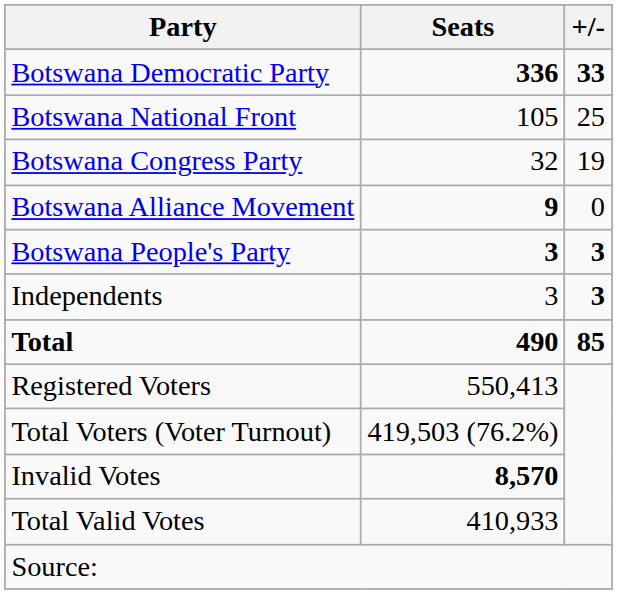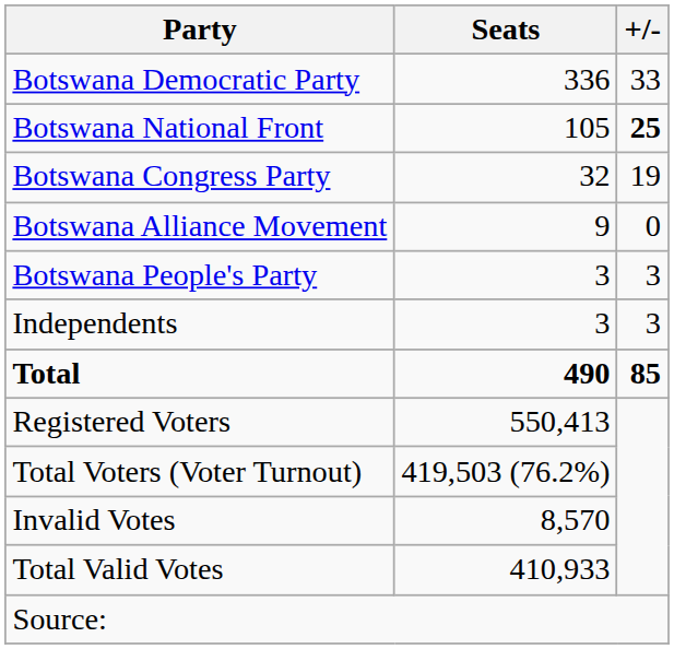 <table class=wikitable style=text-align:right>
 <tr>
 <th>Party</th>
 <th>Seats</th>
 <th>+/-</th>
 </tr>
 <tr>
 <td align=left><a href='#'>Botswana Democratic Party</a></td>
-<td><strong>336</strong></td>
-<td><strong>33</strong></td>
+<td>336</td>
+<td>33</td>
 </tr>
 <tr>
 <td align=left><a href='#'>Botswana National Front</a></td>
 <td>105</td>
-<td>25</td>
+<td><strong>25</strong></td>
 </tr>
 <tr>
 <td align=left><a href='#'>Botswana Congress Party</a></td>
 <td>32</td>
 <td>19</td>
 </tr>
 <tr>
 <td align=left><a href='#'>Botswana Alliance Movement</a></td>
-<td><strong>9</strong></td>
+<td>9</td>
 <td>0</td>
 </tr>
 <tr>
 <td align=left><a href='#'>Botswana People's Party</a></td>
-<td><strong>3</strong></td>
-<td><strong>3</strong></td>
+<td>3</td>
+<td>3</td>
 </tr>
 <tr>
 <td align=left>Independents</td>
 <td>3</td>
-<td><strong>3</strong></td>
+<td>3</td>
 </tr>
 <tr>
 <td align=left><strong>Total</strong></td>
 <td><strong>490</strong></td>
 <td><strong>85</strong></td>
 </tr>
 <tr>
 <td align=left>Registered Voters</td>
 <td>550,413</td>
 </tr>
 <tr>
 <td align=left>Total Voters (Voter Turnout)</td>
 <td>419,503 (76.2%)</td>
 </tr>
 <tr>
 <td align=left>Invalid Votes</td>
-<td><strong>8,570</strong></td>
+<td>8,570</td>
 </tr>
 <tr>
 <td align=left>Total Valid Votes</td>
 <td>410,933</td>
 </tr>
 <tr>
 <td colspan=4 align=left>Source: </td>
 </tr>
 </table>
